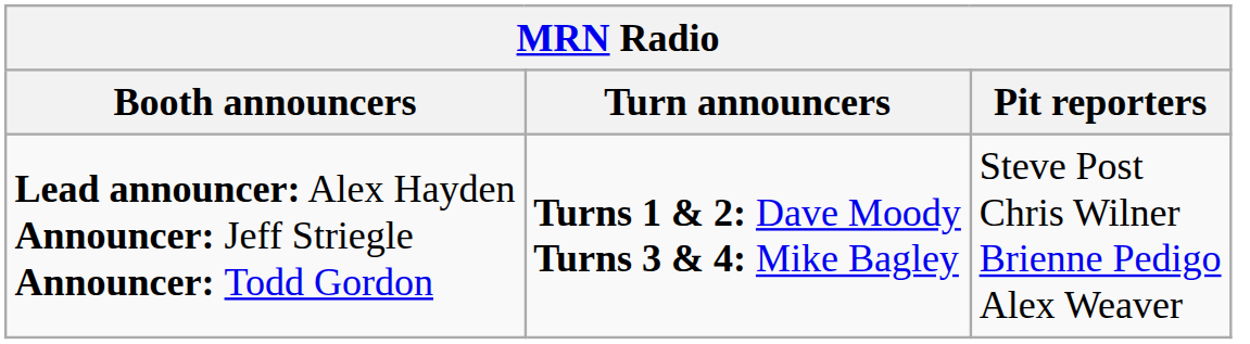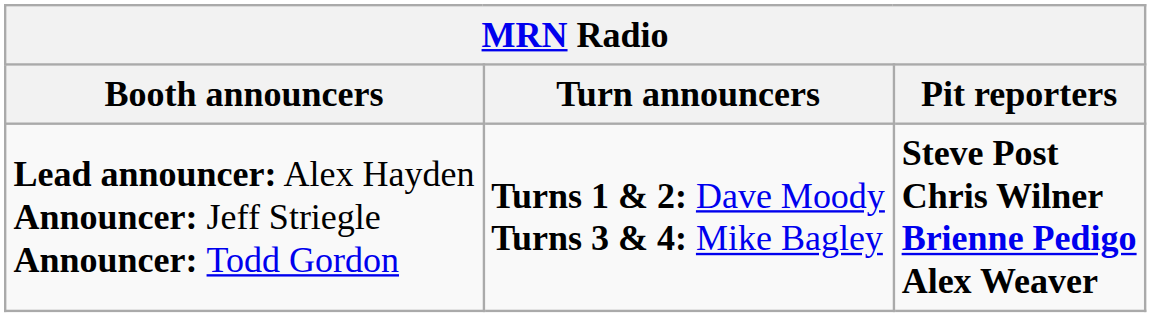 <table class="wikitable" style="font-size: 95%;">
 <tr>
 <th colspan="3"><a href='#'>MRN</a> Radio</th>
 </tr>
 <tr>
 <th>Booth announcers</th>
 <th>Turn announcers</th>
 <th>Pit reporters</th>
 </tr>
 <tr>
 <td><strong>Lead announcer:</strong> Alex Hayden<br><strong>Announcer:</strong> Jeff Striegle<br><strong>Announcer: </strong><a href='#'>Todd Gordon</a></td>
 <td><strong>Turns 1 & 2:</strong> <a href='#'>Dave Moody</a><br><strong>Turns 3 & 4:</strong> <a href='#'>Mike Bagley</a></td>
-<td>Steve Post<br>Chris Wilner<br><a href='#'>Brienne Pedigo</a><br>Alex Weaver</td>
+<td><strong>Steve Post<br>Chris Wilner<br><a href='#'>Brienne Pedigo</a><br>Alex Weaver</strong></td>
 </tr>
 </table>
